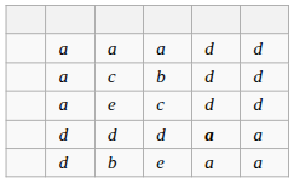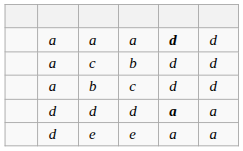 <table class="wikitable" border="1" width="20%" style="margin:1em auto;">
 <tr>
 <th>   </th>
 <th>   </th>
 <th>   </th>
 <th>   </th>
 <th>   </th>
 <th>   </th>
 </tr>
 <tr>
 <td></td>
 <td>  <em>a</em></td>
 <td>  <em>a</em></td>
 <td>  <em>a</em></td>
-<td>  <em>d</em></td>
+<td><strong>  <em>d</em></strong></td>
 <td>  <em>d</em></td>
 </tr>
 <tr>
 <td></td>
 <td>  <em>a</em></td>
 <td>  <em>c</em></td>
 <td>  <em>b</em></td>
 <td>  <em>d</em></td>
 <td>  <em>d</em></td>
 </tr>
 <tr>
 <td></td>
 <td>  <em>a</em></td>
-<td>  <em>e</em></td>
+<td>  <em>b</em></td>
 <td>  <em>c</em></td>
 <td>  <em>d</em></td>
 <td>  <em>d</em></td>
 </tr>
 <tr>
 <td></td>
 <td>  <em>d</em></td>
 <td>  <em>d</em></td>
 <td>  <em>d</em></td>
 <td><strong>  <em>a</em></strong></td>
 <td>  <em>a</em></td>
 </tr>
 <tr>
 <td></td>
 <td>  <em>d</em></td>
-<td>  <em>b</em></td>
+<td>  <em>e</em></td>
 <td>  <em>e</em></td>
 <td>  <em>a</em></td>
 <td>  <em>a</em></td>
 </tr>
 </table>
